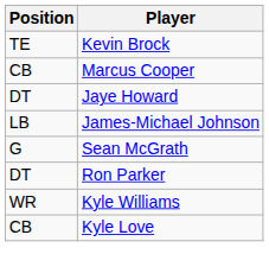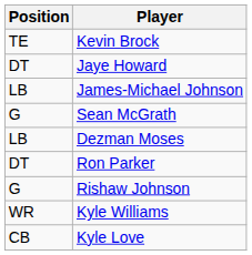 <table class="wikitable sortable">
 <tr>
 <th>Position</th>
 <th>Player</th>
 </tr>
 <tr>
 <td>TE</td>
 <td><a href='#'>Kevin Brock</a></td>
-</tr>
-<tr>
-<td>CB</td>
-<td><a href='#'>Marcus Cooper</a></td>
 </tr>
 <tr>
 <td>DT</td>
 <td><a href='#'>Jaye Howard</a></td>
 </tr>
 <tr>
 <td>LB</td>
 <td><a href='#'>James-Michael Johnson</a></td>
 </tr>
 <tr>
 <td>G</td>
 <td><a href='#'>Sean McGrath</a></td>
 </tr>
 <tr>
+<td>LB</td>
+<td><a href='#'>Dezman Moses</a></td>
+</tr>
+<tr>
 <td>DT</td>
 <td><a href='#'>Ron Parker</a></td>
+</tr>
+<tr>
+<td>G</td>
+<td><a href='#'>Rishaw Johnson</a></td>
 </tr>
 <tr>
 <td>WR</td>
 <td><a href='#'>Kyle Williams</a></td>
 </tr>
 <tr>
 <td>CB</td>
 <td><a href='#'>Kyle Love</a></td>
 </tr>
 </table>
